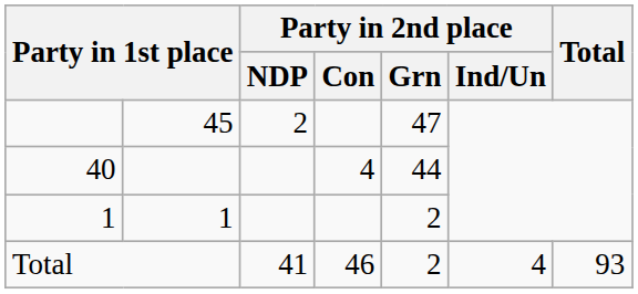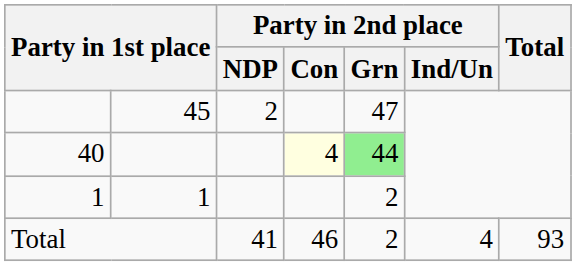 <table class="wikitable" style="text-align:right;">
 <tr>
 <th rowspan="2" colspan="2" style="text-align:left;">Party in 1st place</th>
 <th colspan="4">Party in 2nd place</th>
 <th rowspan="2">Total</th>
 </tr>
 <tr>
 <th>NDP</th>
 <th>Con</th>
 <th>Grn</th>
 <th>Ind/Un</th>
 </tr>
 <tr>
 <td></td>
 <td>45</td>
 <td>2</td>
 <td></td>
 <td>47</td>
 </tr>
 <tr>
 <td>40</td>
 <td></td>
 <td></td>
-<td>4</td>
-<td>44</td>
+<td style="background: lightyellow;">4</td>
+<td style="background: lightgreen;">44</td>
 </tr>
 <tr>
 <td>1</td>
 <td>1</td>
 <td></td>
 <td></td>
 <td>2</td>
 </tr>
 <tr>
 <td colspan="2" style="text-align:left;">Total</td>
 <td>41</td>
 <td>46</td>
 <td>2</td>
 <td>4</td>
 <td>93</td>
 </tr>
 </table>
